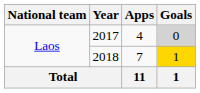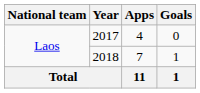 <table class="wikitable" style="text-align:center">
 <tr>
 <th>National team</th>
 <th>Year</th>
 <th>Apps</th>
 <th>Goals</th>
 </tr>
 <tr>
 <td rowspan="2"><a href='#'>Laos</a></td>
 <td>2017</td>
 <td>4</td>
-<td style="background: lightgrey;">0</td>
+<td>0</td>
 </tr>
 <tr>
 <td>2018</td>
 <td>7</td>
-<td style="background: gold;">1</td>
+<td>1</td>
 </tr>
 <tr>
 <th colspan=2>Total</th>
 <th>11</th>
 <th>1</th>
 </tr>
 </table>
